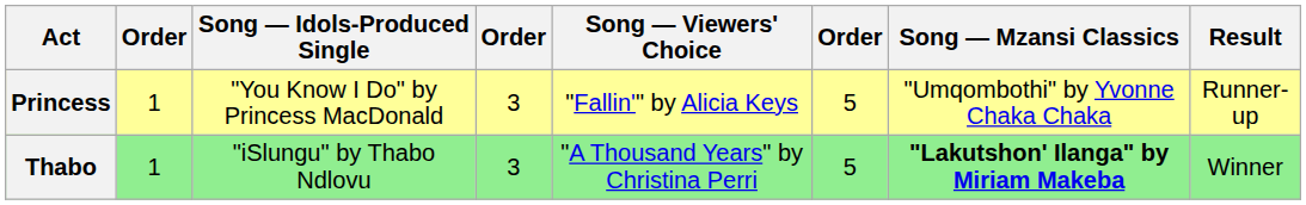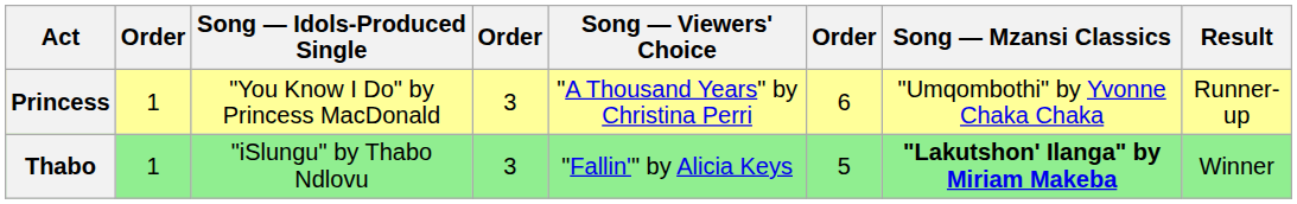 <table class="wikitable plainrowheaders" style="text-align:center;">
 <tr>
 <th scope"col">Act</th>
 <th scope"col">Order</th>
 <th scope"col">Song — Idols-Produced Single</th>
 <th scope"col">Order</th>
 <th scope"col">Song — Viewers' Choice</th>
 <th scope"col">Order</th>
 <th scope"col">Song — Mzansi Classics</th>
 <th scope"col">Result</th>
 </tr>
 <tr bgcolor="#ff9">
 <th scope=row>Princess</th>
 <td>1</td>
 <td>"You Know I Do" by Princess MacDonald</td>
 <td>3</td>
-<td>"<a href='#'>Fallin'</a>" by <a href='#'>Alicia Keys</a></td>
-<td>5</td>
+<td>"<a href='#'>A Thousand Years</a>" by <a href='#'>Christina Perri</a></td>
+<td>6</td>
 <td>"Umqombothi" by <a href='#'>Yvonne Chaka Chaka</a></td>
 <td>Runner-up</td>
 </tr>
 <tr bgcolor="lightgreen">
 <th scope=row><strong>Thabo</strong></th>
 <td>1</td>
 <td>"iSlungu" by Thabo Ndlovu</td>
 <td>3</td>
-<td>"<a href='#'>A Thousand Years</a>" by <a href='#'>Christina Perri</a></td>
+<td>"<a href='#'>Fallin'</a>" by <a href='#'>Alicia Keys</a></td>
 <td>5</td>
 <td><strong>"Lakutshon' Ilanga" by <a href='#'>Miriam Makeba</a></strong></td>
 <td>Winner</td>
 </tr>
 </table>
